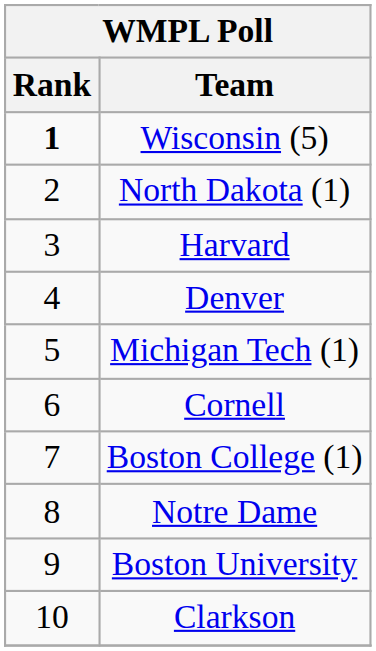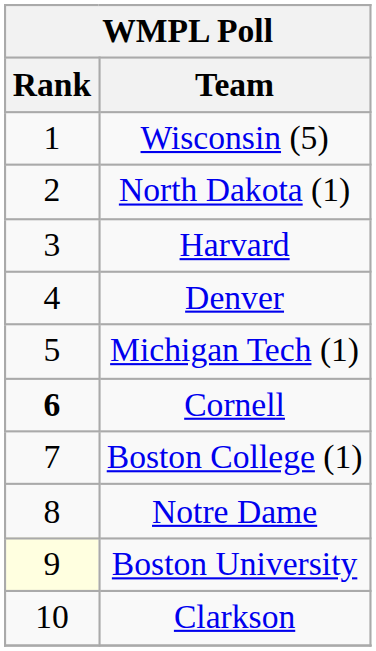 <table class="wikitable" style="text-align:center;">
 <tr>
 <th colspan=2><strong>WMPL Poll</strong></th>
 </tr>
 <tr>
 <th>Rank</th>
 <th>Team</th>
 </tr>
 <tr>
-<td><strong>1</strong></td>
+<td>1</td>
 <td><a href='#'>Wisconsin</a> (5)</td>
 </tr>
 <tr>
 <td>2</td>
 <td><a href='#'>North Dakota</a> (1)</td>
 </tr>
 <tr>
 <td>3</td>
 <td><a href='#'>Harvard</a></td>
 </tr>
 <tr>
 <td>4</td>
 <td><a href='#'>Denver</a></td>
 </tr>
 <tr>
 <td>5</td>
 <td><a href='#'>Michigan Tech</a> (1)</td>
 </tr>
 <tr>
-<td>6</td>
+<td><strong>6</strong></td>
 <td><a href='#'>Cornell</a></td>
 </tr>
 <tr>
 <td>7</td>
 <td><a href='#'>Boston College</a> (1)</td>
 </tr>
 <tr>
 <td>8</td>
 <td><a href='#'>Notre Dame</a></td>
 </tr>
 <tr>
-<td>9</td>
+<td style="background: lightyellow;">9</td>
 <td><a href='#'>Boston University</a></td>
 </tr>
 <tr>
 <td>10</td>
 <td><a href='#'>Clarkson</a></td>
 </tr>
 <tr>
 </tr>
 </table>
